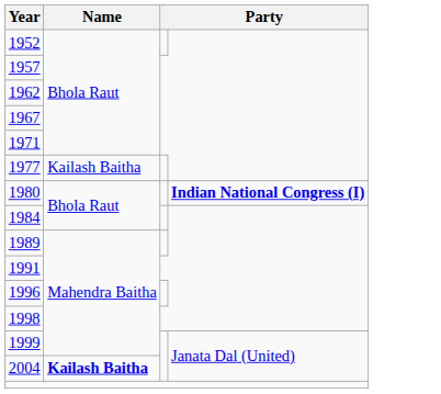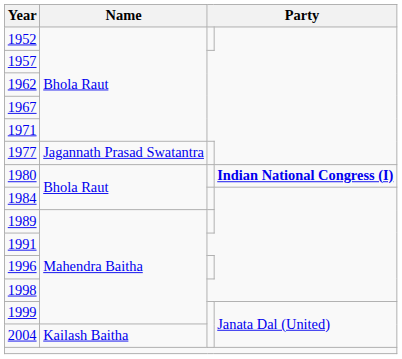 <table class="wikitable">
 <tr>
 <th>Year</th>
 <th>Name</th>
 <th colspan="2">Party</th>
 </tr>
 <tr>
 <td><a href='#'>1952</a></td>
 <td rowspan="5"><a href='#'>Bhola Raut</a></td>
 <td></td>
 </tr>
 <tr>
 <td><a href='#'>1957</a></td>
 </tr>
 <tr>
 <td><a href='#'>1962</a></td>
 </tr>
 <tr>
 <td><a href='#'>1967</a></td>
 </tr>
 <tr>
 <td><a href='#'>1971</a></td>
 </tr>
 <tr>
 <td><a href='#'>1977</a></td>
-<td><a href='#'>Kailash Baitha</a></td>
+<td><a href='#'>Jagannath Prasad Swatantra</a></td>
 <td></td>
 </tr>
 <tr>
 <td><a href='#'>1980</a></td>
 <td rowspan="2"><a href='#'>Bhola Raut</a></td>
 <td style="background-color: "></td>
 <td><strong><a href='#'>Indian National Congress (I)</a></strong></td>
 </tr>
 <tr>
 <td><a href='#'>1984</a></td>
 <td></td>
 </tr>
 <tr>
 <td><a href='#'>1989</a></td>
 <td rowspan="5"><a href='#'>Mahendra Baitha</a></td>
 <td></td>
 </tr>
 <tr>
 <td><a href='#'>1991</a></td>
 </tr>
 <tr>
 <td><a href='#'>1996</a></td>
 <td></td>
 </tr>
 <tr>
 <td><a href='#'>1998</a></td>
 </tr>
 <tr>
 <td><a href='#'>1999</a></td>
 <td rowspan="2" style="background-color: "></td>
 <td rowspan="2"><a href='#'>Janata Dal (United)</a></td>
 </tr>
 <tr>
 <td><a href='#'>2004</a></td>
-<td><strong><a href='#'>Kailash Baitha</a></strong></td>
+<td><a href='#'>Kailash Baitha</a></td>
 </tr>
 <tr>
 <td colspan="4"></td>
 </tr>
 </table>
